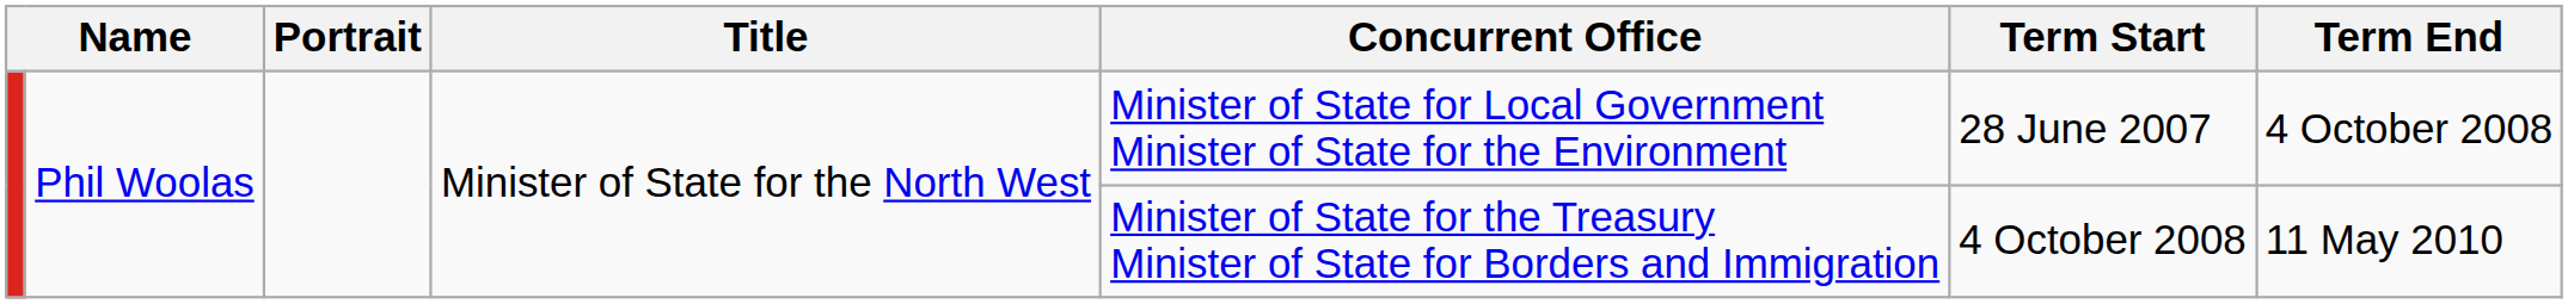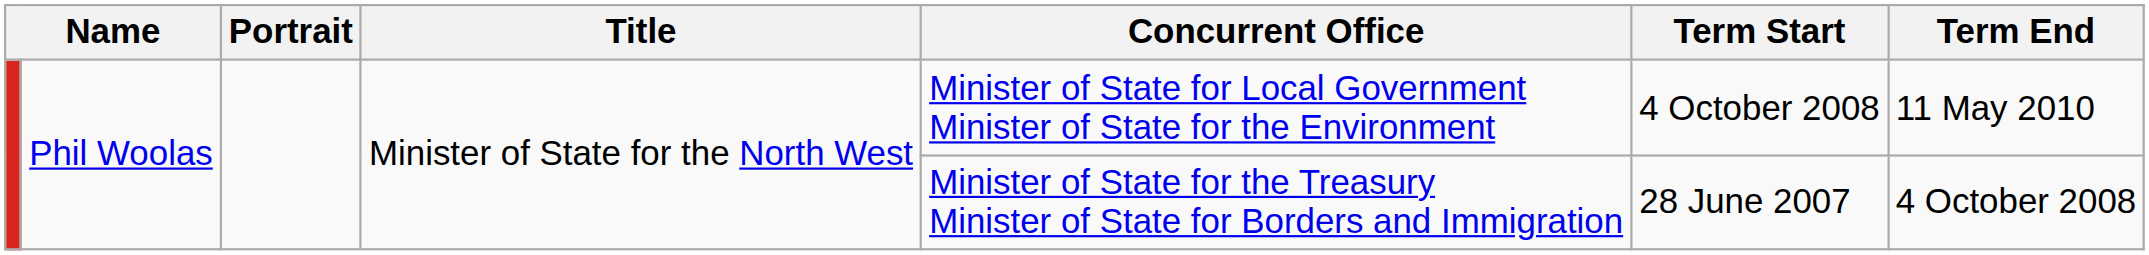 <table class="wikitable">
 <tr>
 <th colspan="2">Name</th>
 <th>Portrait</th>
 <th>Title</th>
 <th>Concurrent Office</th>
 <th>Term Start</th>
 <th>Term End</th>
 </tr>
 <tr>
 <th rowspan="2" style="background-color: #DC241f"></th>
 <td rowspan="2"><a href='#'>Phil Woolas</a></td>
 <td rowspan="2"></td>
 <td rowspan="2">Minister of State for the <a href='#'>North West</a></td>
 <td><a href='#'>Minister of State for Local Government</a><br><a href='#'>Minister of State for the Environment</a></td>
+<td>4 October 2008</td>
+<td>11 May 2010</td>
+</tr>
+<tr>
+<td><a href='#'>Minister of State for the Treasury</a><br><a href='#'>Minister of State for Borders and Immigration</a></td>
 <td>28 June 2007</td>
 <td>4 October 2008</td>
 </tr>
-<tr>
-<td><a href='#'>Minister of State for the Treasury</a><br><a href='#'>Minister of State for Borders and Immigration</a></td>
-<td>4 October 2008</td>
-<td>11 May 2010</td>
-</tr>
 </table>
